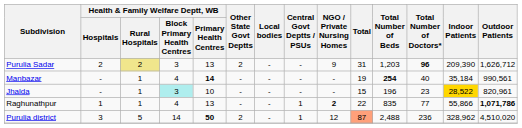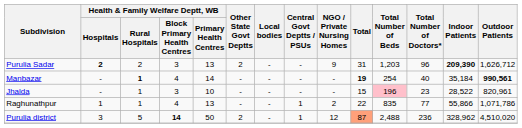 <table class="wikitable" style="text-align:center;font-size: 9pt">
 <tr>
 <th width="110" rowspan="2">Subdivision</th>
 <th width="160" colspan="4" rowspan="1">Health & Family Welfare Deptt, WB</th>
 <th widthspan="110" rowspan="2">Other<br>State<br>Govt<br>Deptts</th>
 <th widthspan="110" rowspan="2">Local<br>bodies</th>
 <th widthspan="110" rowspan="2">Central<br>Govt<br>Deptts /<br>PSUs</th>
 <th widthspan="110" rowspan="2">NGO /<br>Private<br>Nursing<br>Homes</th>
 <th widthspan="110" rowspan="2">Total</th>
 <th widthspan="110" rowspan="2">Total<br>Number<br>of<br>Beds</th>
 <th widthspan="110" rowspan="2">Total<br>Number<br>of<br>Doctors*</th>
 <th widthspan="130" rowspan="2">Indoor<br>Patients</th>
 <th widthspan="130" rowspan="2">Outdoor<br>Patients</th>
 </tr>
 <tr>
 <th width="40">Hospitals<br></th>
 <th width="40">Rural<br>Hospitals<br></th>
 <th width="40">Block<br>Primary<br>Health<br>Centres<br></th>
 <th width="40">Primary<br>Health<br>Centres<br></th>
 </tr>
 <tr>
 <td align=left><a href='#'>Purulia Sadar</a></td>
+<td align="center"><strong>2</strong></td>
 <td align="center">2</td>
-<td align="center" style="background: khaki;">2</td>
 <td align="center">3</td>
 <td align="center">13</td>
 <td align="center">2</td>
 <td align="center">-</td>
 <td align="center">-</td>
 <td align="center">9</td>
 <td align="center">31</td>
 <td align="center">1,203</td>
-<td align="center"><strong>96</strong></td>
-<td align="center">209,390</td>
+<td align="center">96</td>
+<td align="center"><strong>209,390</strong></td>
 <td align="center">1,626,712</td>
 </tr>
 <tr>
 <td align=left><a href='#'>Manbazar</a></td>
 <td align="center">-</td>
-<td align="center">1</td>
+<td align="center"><strong>1</strong></td>
 <td align="center">4</td>
-<td align="center"><strong>14</strong></td>
+<td align="center">14</td>
 <td align="center">-</td>
 <td align="center">-</td>
 <td align="center">-</td>
 <td align="center">-</td>
-<td align="center">19</td>
-<td align="center"><strong>254</strong></td>
+<td align="center"><strong>19</strong></td>
+<td align="center">254</td>
 <td align="center">40</td>
 <td align="center">35,184</td>
-<td align="center">990,561</td>
+<td align="center"><strong>990,561</strong></td>
 </tr>
 <tr>
 <td align=left><a href='#'>Jhalda</a></td>
 <td align="center">-</td>
 <td align="center">1</td>
-<td align="center" style="background: paleturquoise;">3</td>
+<td align="center">3</td>
 <td align="center">10</td>
 <td align="center">-</td>
 <td align="center">-</td>
 <td align="center">-</td>
 <td align="center">-</td>
 <td align="center">15</td>
-<td align="center">196</td>
+<td align="center" style="background: pink;">196</td>
 <td align="center">23</td>
-<td align="center" style="background: gold;">28,522</td>
+<td align="center">28,522</td>
 <td align="center">820,961</td>
 </tr>
 <tr>
 <td align=left>Raghunathpur</td>
 <td align="center">1</td>
 <td align="center">1</td>
 <td align="center">4</td>
 <td align="center">13</td>
 <td align="center">-</td>
 <td align="center">-</td>
 <td align="center">1</td>
-<td align="center"><strong>2</strong></td>
+<td align="center">2</td>
 <td align="center">22</td>
 <td align="center">835</td>
 <td align="center">77</td>
 <td align="center">55,866</td>
-<td align="center"><strong>1,071,786</strong></td>
+<td align="center">1,071,786</td>
 </tr>
 <tr>
 <td align=left><a href='#'>Purulia district</a></td>
 <td align="center">3</td>
 <td align="center">5</td>
-<td align="center">14</td>
-<td align="center"><strong>50</strong></td>
+<td align="center"><strong>14</strong></td>
+<td align="center">50</td>
 <td align="center">2</td>
 <td align="center">-</td>
 <td align="center">1</td>
 <td align="center">12</td>
 <td align="center" style="background: lightsalmon;">87</td>
 <td align="center">2,488</td>
 <td align="center">236</td>
 <td align="center">328,962</td>
 <td align="center">4,510,020</td>
 </tr>
 <tr>
 </tr>
 </table>
